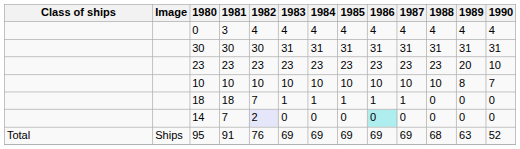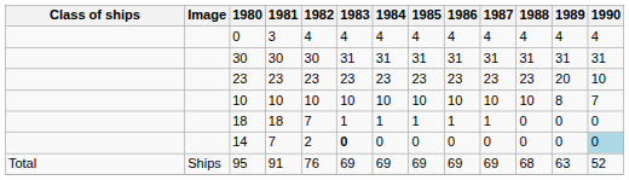 <table class="wikitable sortable collapsible collapsed">
 <tr>
 <th style="width:29%;">Class of ships</th>
 <th>Image</th>
 <th>1980</th>
 <th>1981</th>
 <th>1982</th>
 <th>1983</th>
 <th>1984</th>
 <th>1985</th>
 <th>1986</th>
 <th>1987</th>
 <th>1988</th>
 <th>1989</th>
 <th>1990</th>
 </tr>
 <tr valign="top">
 <td></td>
 <td></td>
 <td>0</td>
 <td>3</td>
 <td>4</td>
 <td>4</td>
 <td>4</td>
 <td>4</td>
 <td>4</td>
 <td>4</td>
 <td>4</td>
 <td>4</td>
 <td>4</td>
 </tr>
 <tr valign="top">
 <td></td>
 <td></td>
 <td>30</td>
 <td>30</td>
 <td>30</td>
 <td>31</td>
 <td>31</td>
 <td>31</td>
 <td>31</td>
 <td>31</td>
 <td>31</td>
 <td>31</td>
 <td>31</td>
 </tr>
 <tr valign="top">
 <td></td>
 <td></td>
 <td>23</td>
 <td>23</td>
 <td>23</td>
 <td>23</td>
 <td>23</td>
 <td>23</td>
 <td>23</td>
 <td>23</td>
 <td>23</td>
 <td>20</td>
 <td>10</td>
 </tr>
 <tr valign="top">
 <td></td>
 <td></td>
 <td>10</td>
 <td>10</td>
 <td>10</td>
 <td>10</td>
 <td>10</td>
 <td>10</td>
 <td>10</td>
 <td>10</td>
 <td>10</td>
 <td>8</td>
 <td>7</td>
 </tr>
 <tr valign="top">
 <td></td>
 <td></td>
 <td>18</td>
 <td>18</td>
 <td>7</td>
 <td>1</td>
 <td>1</td>
 <td>1</td>
 <td>1</td>
 <td>1</td>
 <td>0</td>
 <td>0</td>
 <td>0</td>
 </tr>
 <tr valign="top">
 <td></td>
 <td></td>
 <td>14</td>
 <td>7</td>
-<td style="background: lavender;">2</td>
-<td>0</td>
-<td>0</td>
-<td>0</td>
-<td style="background: paleturquoise;">0</td>
+<td>2</td>
+<td><strong>0</strong></td>
 <td>0</td>
 <td>0</td>
 <td>0</td>
 <td>0</td>
+<td>0</td>
+<td>0</td>
+<td style="background: lightblue;">0</td>
 </tr>
 <tr valign="top">
 <td>Total</td>
 <td>Ships</td>
 <td>95</td>
 <td>91</td>
 <td>76</td>
 <td>69</td>
 <td>69</td>
 <td>69</td>
 <td>69</td>
 <td>69</td>
 <td>68</td>
 <td>63</td>
 <td>52</td>
 </tr>
 <tr>
 </tr>
 </table>
